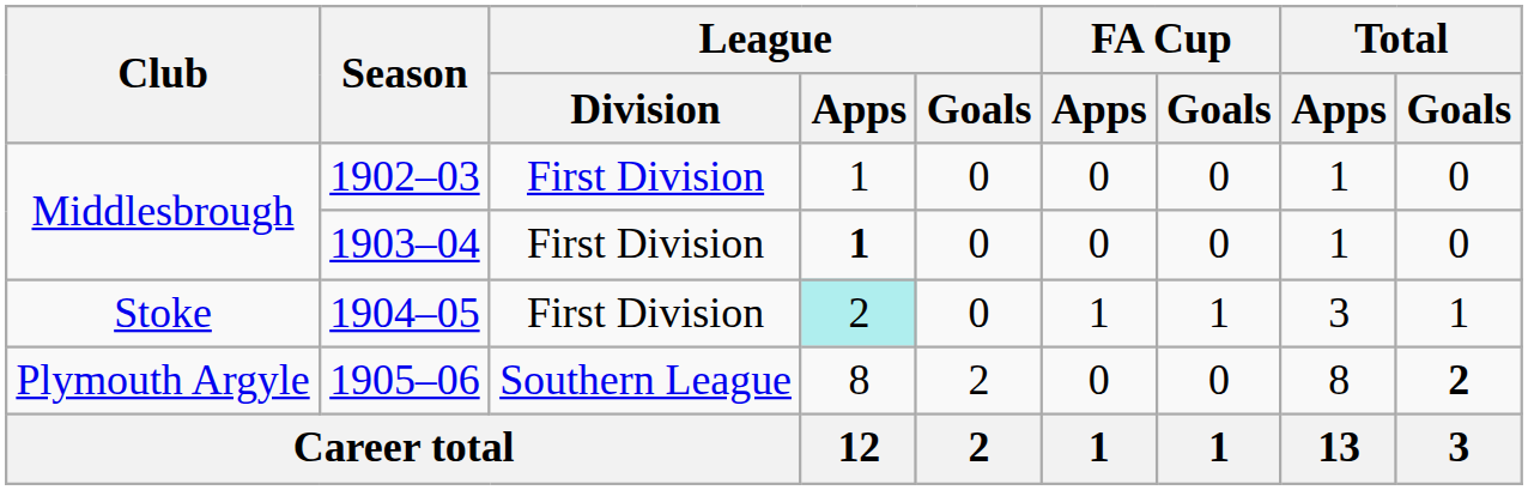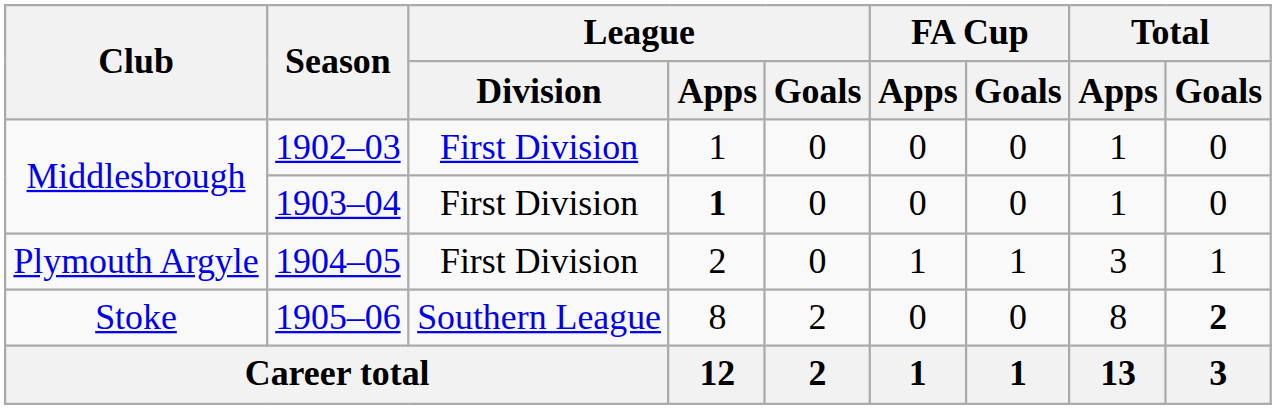 <table class="wikitable" style="text-align: center;">
 <tr>
 <th rowspan="2">Club</th>
 <th rowspan="2">Season</th>
 <th colspan="3">League</th>
 <th colspan="2">FA Cup</th>
 <th colspan="2">Total</th>
 </tr>
 <tr>
 <th>Division</th>
 <th>Apps</th>
 <th>Goals</th>
 <th>Apps</th>
 <th>Goals</th>
 <th>Apps</th>
 <th>Goals</th>
 </tr>
 <tr>
 <td rowspan="2"><a href='#'>Middlesbrough</a></td>
 <td><a href='#'>1902–03</a></td>
 <td><a href='#'>First Division</a></td>
 <td>1</td>
 <td>0</td>
 <td>0</td>
 <td>0</td>
 <td>1</td>
 <td>0</td>
 </tr>
 <tr>
 <td><a href='#'>1903–04</a></td>
 <td>First Division</td>
 <td><strong>1</strong></td>
 <td>0</td>
 <td>0</td>
 <td>0</td>
 <td>1</td>
 <td>0</td>
 </tr>
 <tr>
-<td><a href='#'>Stoke</a></td>
+<td><a href='#'>Plymouth Argyle</a></td>
 <td><a href='#'>1904–05</a></td>
 <td>First Division</td>
-<td style="background: paleturquoise;">2</td>
+<td>2</td>
 <td>0</td>
 <td>1</td>
 <td>1</td>
 <td>3</td>
 <td>1</td>
 </tr>
 <tr>
-<td><a href='#'>Plymouth Argyle</a></td>
+<td><a href='#'>Stoke</a></td>
 <td><a href='#'>1905–06</a></td>
 <td><a href='#'>Southern League</a></td>
 <td>8</td>
 <td>2</td>
 <td>0</td>
 <td>0</td>
 <td>8</td>
 <td><strong>2</strong></td>
 </tr>
 <tr>
 <th colspan="3">Career total</th>
 <th>12</th>
 <th>2</th>
 <th>1</th>
 <th>1</th>
 <th>13</th>
 <th>3</th>
 </tr>
 </table>
